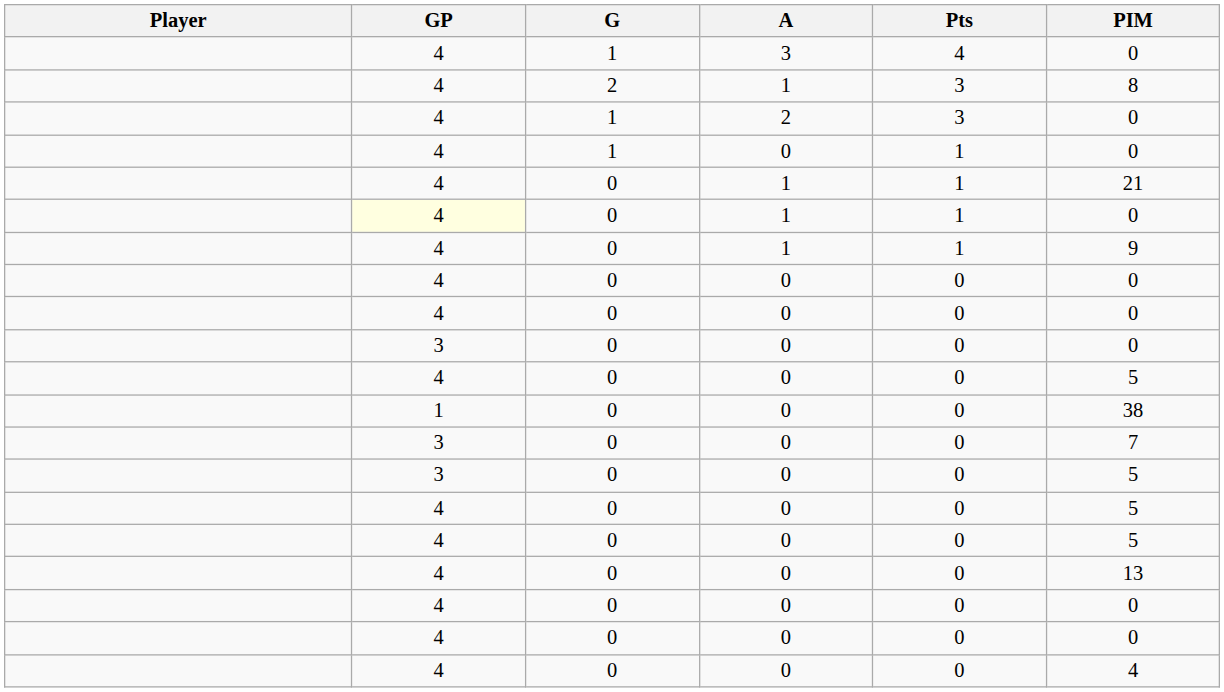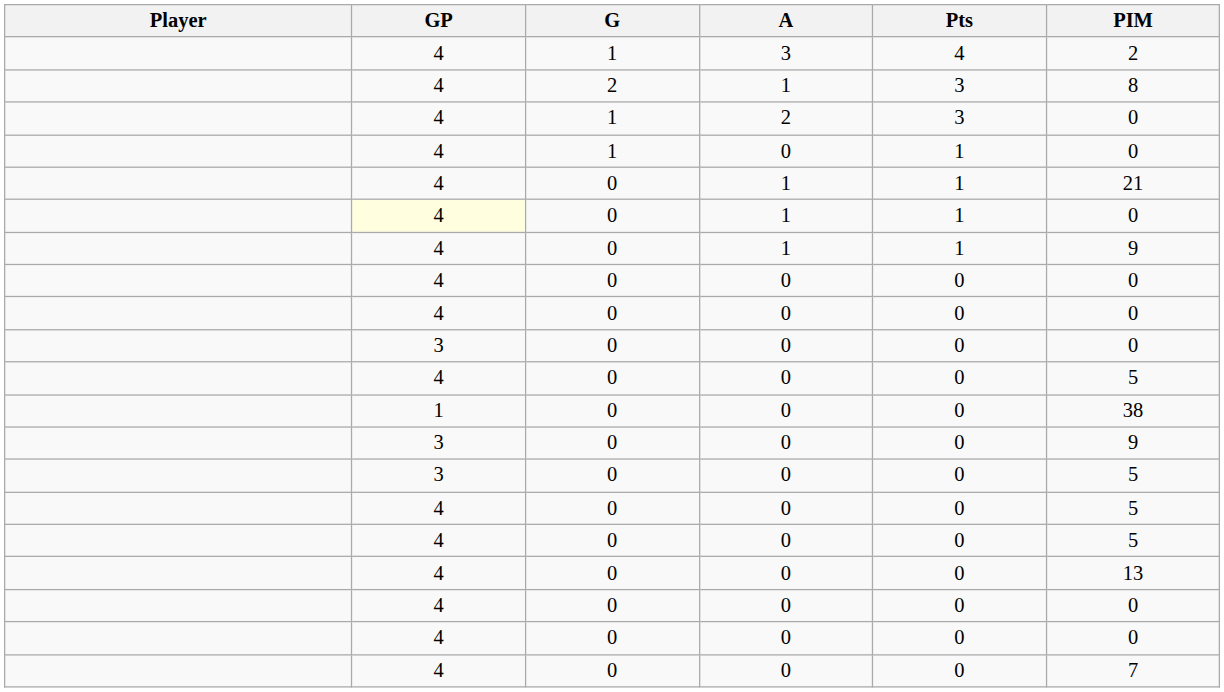 <table class="wikitable sortable" width="60%">
 <tr ALIGN="center">
 <th bgcolor="#DDDDFF" width="10%">Player</th>
 <th bgcolor="#DDDDFF" width="5%">GP</th>
 <th bgcolor="#DDDDFF" width="5%">G</th>
 <th bgcolor="#DDDDFF" width="5%">A</th>
 <th bgcolor="#DDDDFF" width="5%">Pts</th>
 <th bgcolor="#DDDDFF" width="5%">PIM</th>
 </tr>
 <tr align="center">
 <td align="right"></td>
 <td>4</td>
 <td>1</td>
 <td>3</td>
 <td>4</td>
-<td>0</td>
+<td>2</td>
 </tr>
 <tr align="center">
 <td align="right"></td>
 <td>4</td>
 <td>2</td>
 <td>1</td>
 <td>3</td>
 <td>8</td>
 </tr>
 <tr align="center">
 <td align="right"></td>
 <td>4</td>
 <td>1</td>
 <td>2</td>
 <td>3</td>
 <td>0</td>
 </tr>
 <tr align="center">
 <td align="right"></td>
 <td>4</td>
 <td>1</td>
 <td>0</td>
 <td>1</td>
 <td>0</td>
 </tr>
 <tr align="center">
 <td align="right"></td>
 <td>4</td>
 <td>0</td>
 <td>1</td>
 <td>1</td>
 <td>21</td>
 </tr>
 <tr align="center">
 <td align="right"></td>
 <td style="background: lightyellow;">4</td>
 <td>0</td>
 <td>1</td>
 <td>1</td>
 <td>0</td>
 </tr>
 <tr align="center">
 <td align="right"></td>
 <td>4</td>
 <td>0</td>
 <td>1</td>
 <td>1</td>
 <td>9</td>
 </tr>
 <tr align="center">
 <td align="right"></td>
 <td>4</td>
 <td>0</td>
 <td>0</td>
 <td>0</td>
 <td>0</td>
 </tr>
 <tr align="center">
 <td align="right"></td>
 <td>4</td>
 <td>0</td>
 <td>0</td>
 <td>0</td>
 <td>0</td>
 </tr>
 <tr align="center">
 <td align="right"></td>
 <td>3</td>
 <td>0</td>
 <td>0</td>
 <td>0</td>
 <td>0</td>
 </tr>
 <tr align="center">
 <td align="right"></td>
 <td>4</td>
 <td>0</td>
 <td>0</td>
 <td>0</td>
 <td>5</td>
 </tr>
 <tr align="center">
 <td align="right"></td>
 <td>1</td>
 <td>0</td>
 <td>0</td>
 <td>0</td>
 <td>38</td>
 </tr>
 <tr align="center">
 <td align="right"></td>
 <td>3</td>
 <td>0</td>
 <td>0</td>
 <td>0</td>
-<td>7</td>
+<td>9</td>
 </tr>
 <tr align="center">
 <td align="right"></td>
 <td>3</td>
 <td>0</td>
 <td>0</td>
 <td>0</td>
 <td>5</td>
 </tr>
 <tr align="center">
 <td align="right"></td>
 <td>4</td>
 <td>0</td>
 <td>0</td>
 <td>0</td>
 <td>5</td>
 </tr>
 <tr align="center">
 <td align="right"></td>
 <td>4</td>
 <td>0</td>
 <td>0</td>
 <td>0</td>
 <td>5</td>
 </tr>
 <tr align="center">
 <td align="right"></td>
 <td>4</td>
 <td>0</td>
 <td>0</td>
 <td>0</td>
 <td>13</td>
 </tr>
 <tr align="center">
 <td align="right"></td>
 <td>4</td>
 <td>0</td>
 <td>0</td>
 <td>0</td>
 <td>0</td>
 </tr>
 <tr align="center">
 <td align="right"></td>
 <td>4</td>
 <td>0</td>
 <td>0</td>
 <td>0</td>
 <td>0</td>
 </tr>
 <tr align="center">
 <td align="right"></td>
 <td>4</td>
 <td>0</td>
 <td>0</td>
 <td>0</td>
-<td>4</td>
+<td>7</td>
 </tr>
 </table>
